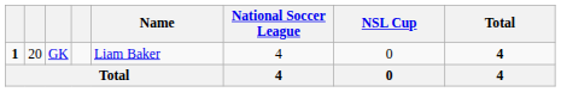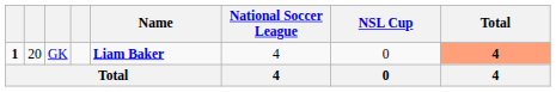 <table class="wikitable" style="text-align:center">
 <tr>
 <th width=15></th>
 <th width=15></th>
 <th width=15></th>
 <th width=15></th>
 <th width=145>Name</th>
 <th width=120><a href='#'>National Soccer League</a></th>
 <th width=120><a href='#'>NSL Cup</a></th>
 <th width=120>Total</th>
 </tr>
 <tr>
 <td><strong>1</strong></td>
 <td>20</td>
 <td><a href='#'>GK</a></td>
 <td></td>
-<td align=left><a href='#'>Liam Baker</a></td>
+<td align=left><strong><a href='#'>Liam Baker</a></strong></td>
 <td>4</td>
 <td>0</td>
-<td><strong>4</strong></td>
+<td style="background: lightsalmon;"><strong>4</strong></td>
 </tr>
 <tr>
 <th colspan="5"><strong>Total</strong></th>
 <th>4</th>
 <th>0</th>
 <th>4</th>
 </tr>
 </table>
